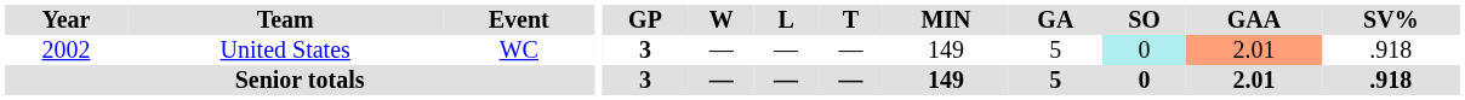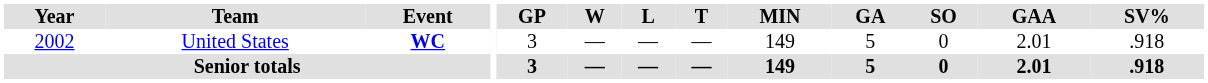 <table border="0" cellpadding="1" cellspacing="0" ID="Table3" style="text-align:center; width:60em">
 <tr ALIGN="center" bgcolor="#e0e0e0">
 <th>Year</th>
 <th>Team</th>
 <th>Event</th>
 <th rowspan="99" bgcolor="#ffffff"></th>
 <th>GP</th>
 <th>W</th>
 <th>L</th>
 <th>T</th>
 <th>MIN</th>
 <th>GA</th>
 <th>SO</th>
 <th>GAA</th>
 <th>SV%</th>
 </tr>
 <tr>
 <td><a href='#'>2002</a></td>
 <td><a href='#'>United States</a></td>
-<td><a href='#'>WC</a></td>
-<td><strong>3</strong></td>
+<td><strong><a href='#'>WC</a></strong></td>
+<td>3</td>
 <td>—</td>
 <td>—</td>
 <td>—</td>
 <td>149</td>
 <td>5</td>
-<td style="background: paleturquoise;">0</td>
-<td style="background: lightsalmon;">2.01</td>
+<td>0</td>
+<td>2.01</td>
 <td>.918</td>
 </tr>
 <tr bgcolor="#e0e0e0">
 <th colspan=3>Senior totals</th>
 <th>3</th>
 <th>—</th>
 <th>—</th>
 <th>—</th>
 <th>149</th>
 <th>5</th>
 <th>0</th>
 <th>2.01</th>
 <th>.918</th>
 </tr>
 </table>
